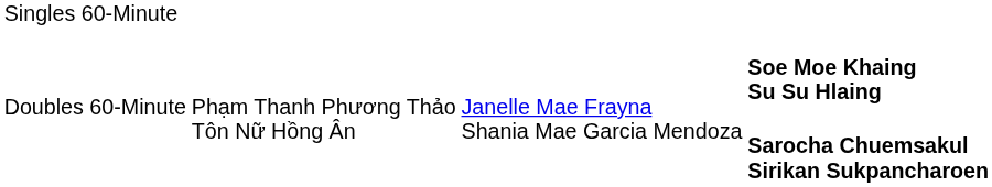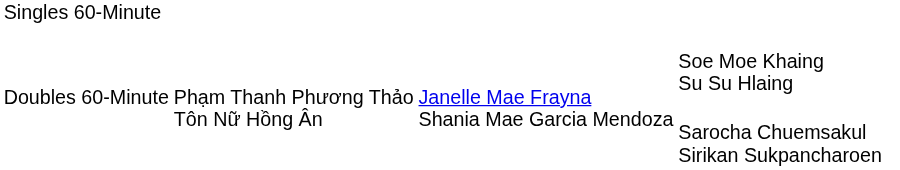 <table>
 <tr>
 <td rowspan=2>Singles 60-Minute</td>
 <td rowspan=2></td>
 <td rowspan=2></td>
 <td></td>
 </tr>
 <tr>
 <td></td>
 </tr>
 <tr>
 <td rowspan=2>Doubles 60-Minute</td>
 <td rowspan=2><br> Phạm Thanh Phương Thảo <br> Tôn Nữ Hồng Ân</td>
 <td rowspan=2><br><a href='#'>Janelle Mae Frayna</a><br>Shania Mae Garcia Mendoza</td>
-<td><strong><br>Soe Moe Khaing<br>Su Su Hlaing</strong></td>
+<td><br>Soe Moe Khaing<br>Su Su Hlaing</td>
 </tr>
 <tr>
-<td><strong><br>Sarocha Chuemsakul<br>Sirikan Sukpancharoen</strong></td>
+<td><br>Sarocha Chuemsakul<br>Sirikan Sukpancharoen</td>
 </tr>
 </table>
